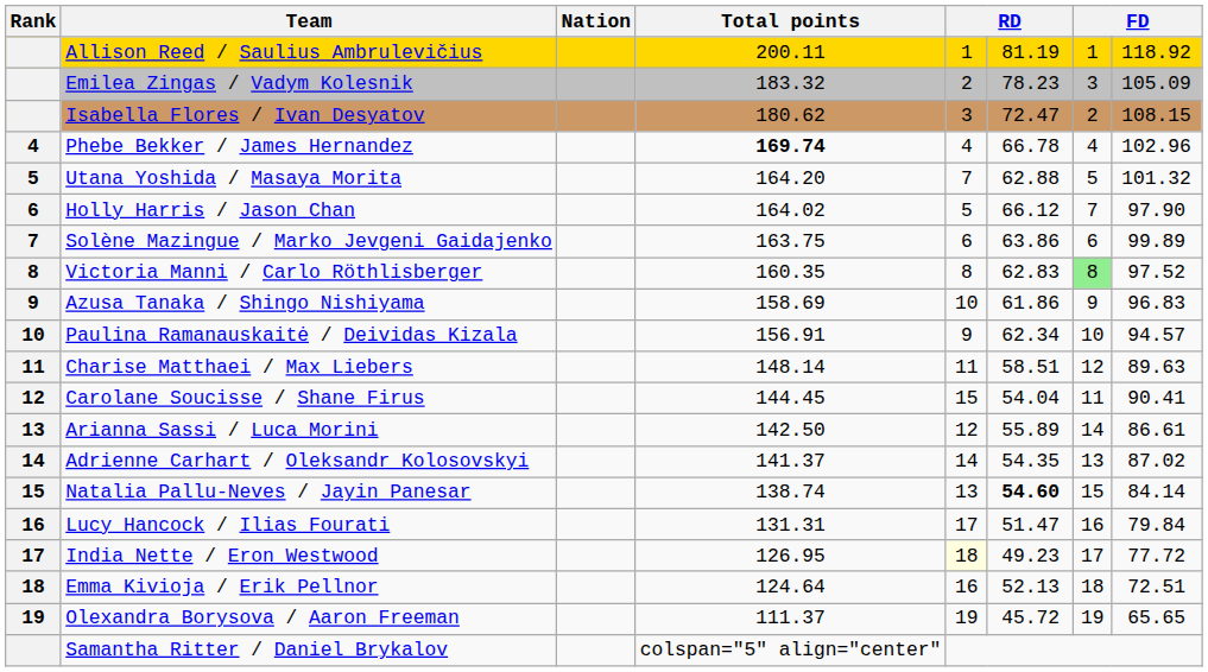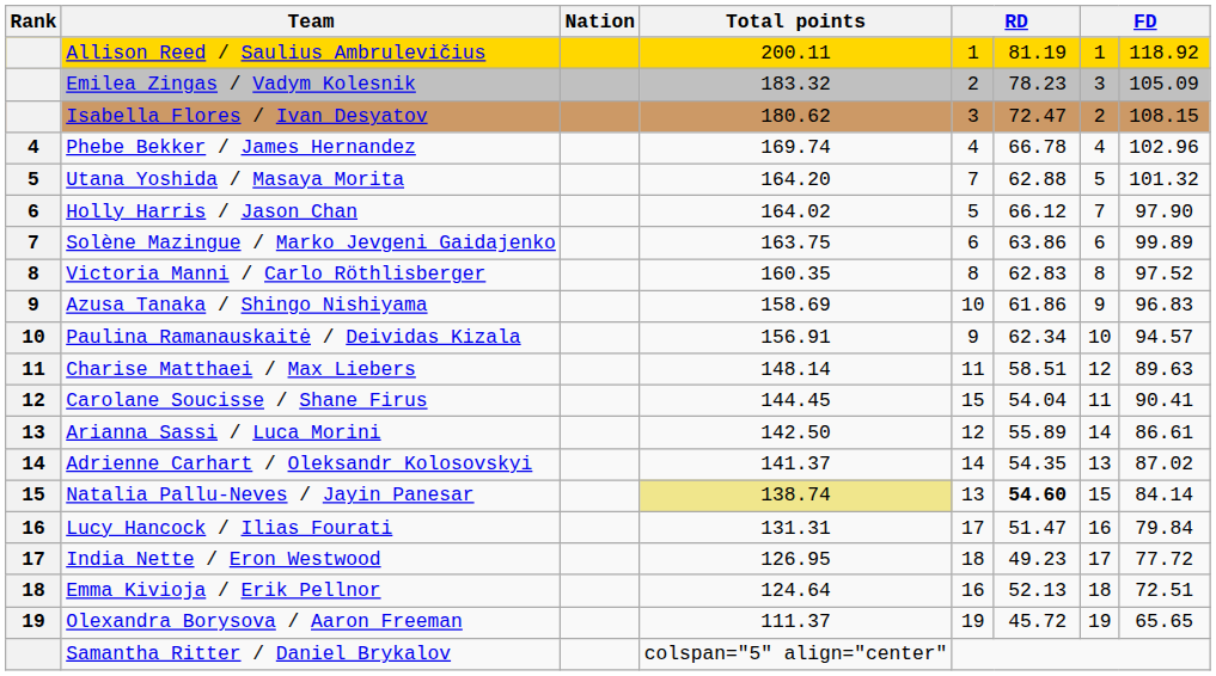 <table class="wikitable sortable" style="text-align:left">
 <tr>
 <th scope="col">Rank</th>
 <th scope="col">Team</th>
 <th scope="col">Nation</th>
 <th scope="col">Total points</th>
 <th scope="col" colspan="2" width="80px"><a href='#'>RD</a></th>
 <th scope="col" colspan="2" width="80px"><a href='#'>FD</a></th>
 </tr>
 <tr bgcolor="gold">
 <th scope="row"></th>
 <td><a href='#'>Allison Reed</a> / <a href='#'>Saulius Ambrulevičius</a></td>
 <td></td>
 <td align="center">200.11</td>
 <td align="center">1</td>
 <td align="center">81.19</td>
 <td align="center">1</td>
 <td align="center">118.92</td>
 </tr>
 <tr bgcolor="silver">
 <th scope="row"></th>
 <td><a href='#'>Emilea Zingas</a> / <a href='#'>Vadym Kolesnik</a></td>
 <td></td>
 <td align="center">183.32</td>
 <td align="center">2</td>
 <td align="center">78.23</td>
 <td align="center">3</td>
 <td align="center">105.09</td>
 </tr>
 <tr bgcolor="cc9966">
 <th scope="row"></th>
 <td><a href='#'>Isabella Flores</a> / <a href='#'>Ivan Desyatov</a></td>
 <td></td>
 <td align="center">180.62</td>
 <td align="center">3</td>
 <td align="center">72.47</td>
 <td align="center">2</td>
 <td align="center">108.15</td>
 </tr>
 <tr>
 <th scope="row">4</th>
 <td><a href='#'>Phebe Bekker</a> / <a href='#'>James Hernandez</a></td>
 <td></td>
-<td align="center"><strong>169.74</strong></td>
+<td align="center">169.74</td>
 <td align="center">4</td>
 <td align="center">66.78</td>
 <td align="center">4</td>
 <td align="center">102.96</td>
 </tr>
 <tr>
 <th scope="row">5</th>
 <td><a href='#'>Utana Yoshida</a> / <a href='#'>Masaya Morita</a></td>
 <td></td>
 <td align="center">164.20</td>
 <td align="center">7</td>
 <td align="center">62.88</td>
 <td align="center">5</td>
 <td align="center">101.32</td>
 </tr>
 <tr>
 <th scope="row">6</th>
 <td><a href='#'>Holly Harris</a> / <a href='#'>Jason Chan</a></td>
 <td></td>
 <td align="center">164.02</td>
 <td align="center">5</td>
 <td align="center">66.12</td>
 <td align="center">7</td>
 <td align="center">97.90</td>
 </tr>
 <tr>
 <th scope="row">7</th>
 <td><a href='#'>Solène Mazingue</a> / <a href='#'>Marko Jevgeni Gaidajenko</a></td>
 <td></td>
 <td align="center">163.75</td>
 <td align="center">6</td>
 <td align="center">63.86</td>
 <td align="center">6</td>
 <td align="center">99.89</td>
 </tr>
 <tr>
 <th scope="row">8</th>
 <td><a href='#'>Victoria Manni</a> / <a href='#'>Carlo Röthlisberger</a></td>
 <td></td>
 <td align="center">160.35</td>
 <td align="center">8</td>
 <td align="center">62.83</td>
-<td align="center" style="background: lightgreen;">8</td>
+<td align="center">8</td>
 <td align="center">97.52</td>
 </tr>
 <tr>
 <th scope="row">9</th>
 <td><a href='#'>Azusa Tanaka</a> / <a href='#'>Shingo Nishiyama</a></td>
 <td></td>
 <td align="center">158.69</td>
 <td align="center">10</td>
 <td align="center">61.86</td>
 <td align="center">9</td>
 <td align="center">96.83</td>
 </tr>
 <tr>
 <th scope="row">10</th>
 <td><a href='#'>Paulina Ramanauskaitė</a> / <a href='#'>Deividas Kizala</a></td>
 <td></td>
 <td align="center">156.91</td>
 <td align="center">9</td>
 <td align="center">62.34</td>
 <td align="center">10</td>
 <td align="center">94.57</td>
 </tr>
 <tr>
 <th scope="row">11</th>
 <td><a href='#'>Charise Matthaei</a> / <a href='#'>Max Liebers</a></td>
 <td></td>
 <td align="center">148.14</td>
 <td align="center">11</td>
 <td align="center">58.51</td>
 <td align="center">12</td>
 <td align="center">89.63</td>
 </tr>
 <tr>
 <th scope="row">12</th>
 <td><a href='#'>Carolane Soucisse</a> / <a href='#'>Shane Firus</a></td>
 <td></td>
 <td align="center">144.45</td>
 <td align="center">15</td>
 <td align="center">54.04</td>
 <td align="center">11</td>
 <td align="center">90.41</td>
 </tr>
 <tr>
 <th scope="row">13</th>
 <td><a href='#'>Arianna Sassi</a> / <a href='#'>Luca Morini</a></td>
 <td></td>
 <td align="center">142.50</td>
 <td align="center">12</td>
 <td align="center">55.89</td>
 <td align="center">14</td>
 <td align="center">86.61</td>
 </tr>
 <tr>
 <th scope="row">14</th>
 <td><a href='#'>Adrienne Carhart</a> / <a href='#'>Oleksandr Kolosovskyi</a></td>
 <td></td>
 <td align="center">141.37</td>
 <td align="center">14</td>
 <td align="center">54.35</td>
 <td align="center">13</td>
 <td align="center">87.02</td>
 </tr>
 <tr>
 <th scope="row">15</th>
 <td><a href='#'>Natalia Pallu-Neves</a> / <a href='#'>Jayin Panesar</a></td>
 <td></td>
-<td align="center">138.74</td>
+<td align="center" style="background: khaki;">138.74</td>
 <td align="center">13</td>
 <td align="center"><strong>54.60</strong></td>
 <td align="center">15</td>
 <td align="center">84.14</td>
 </tr>
 <tr>
 <th scope="row">16</th>
 <td><a href='#'>Lucy Hancock</a> / <a href='#'>Ilias Fourati</a></td>
 <td></td>
 <td align="center">131.31</td>
 <td align="center">17</td>
 <td align="center">51.47</td>
 <td align="center">16</td>
 <td align="center">79.84</td>
 </tr>
 <tr>
 <th scope="row">17</th>
 <td><a href='#'>India Nette</a> / <a href='#'>Eron Westwood</a></td>
 <td></td>
 <td align="center">126.95</td>
-<td align="center" style="background: lightyellow;">18</td>
+<td align="center">18</td>
 <td align="center">49.23</td>
 <td align="center">17</td>
 <td align="center">77.72</td>
 </tr>
 <tr>
 <th scope="row">18</th>
 <td><a href='#'>Emma Kivioja</a> / <a href='#'>Erik Pellnor</a></td>
 <td></td>
 <td align="center">124.64</td>
 <td align="center">16</td>
 <td align="center">52.13</td>
 <td align="center">18</td>
 <td align="center">72.51</td>
 </tr>
 <tr>
 <th scope="row">19</th>
 <td><a href='#'>Olexandra Borysova</a> / <a href='#'>Aaron Freeman</a></td>
 <td></td>
 <td align="center">111.37</td>
 <td align="center">19</td>
 <td align="center">45.72</td>
 <td align="center">19</td>
 <td align="center">65.65</td>
 </tr>
 <tr>
 <th scope="row"></th>
 <td><a href='#'>Samantha Ritter</a> / <a href='#'>Daniel Brykalov</a></td>
 <td></td>
 <td>colspan="5" align="center" </td>
 </tr>
 </table>
